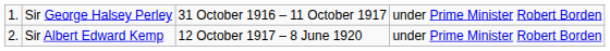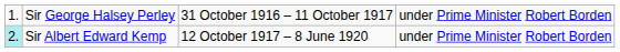 <table class="wikitable">
 <tr>
 <td>1.</td>
 <td>Sir <a href='#'>George Halsey Perley</a></td>
 <td>31 October 1916 – 11 October 1917</td>
 <td>under <a href='#'>Prime Minister</a> <a href='#'>Robert Borden</a></td>
 </tr>
 <tr>
-<td>2.</td>
+<td style="background: paleturquoise;">2.</td>
 <td>Sir <a href='#'>Albert Edward Kemp</a></td>
 <td>12 October 1917  – 8 June 1920</td>
 <td>under <a href='#'>Prime Minister</a> <a href='#'>Robert Borden</a></td>
 </tr>
 </table>
